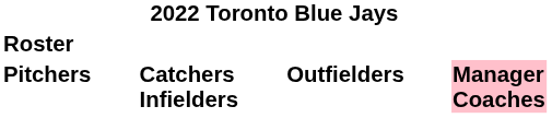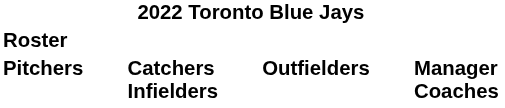 <table class="toccolours" style="font-size: 95%;">
 <tr http://upload.wikimedia.org/wikipedia/en/c/c8/Button_redirect.png>
 <th colspan="10">2022 Toronto Blue Jays</th>
 </tr>
 <tr>
 <td colspan="10"><strong>Roster</strong></td>
 </tr>
 <tr>
 <td valign="top"><strong>Pitchers</strong><br>                              </td>
 <td style="width:25px;"></td>
 <td valign="top"><strong>Catchers</strong><br>     <strong>Infielders</strong>        </td>
 <td style="width:25px;"></td>
 <td valign="top"><strong>Outfielders</strong><br>      </td>
 <td style="width:25px;"></td>
-<td valign="top" style="background: pink;"><strong>Manager</strong><br>  <strong>Coaches</strong>                            </td>
+<td valign="top"><strong>Manager</strong><br>  <strong>Coaches</strong>                            </td>
 </tr>
 </table>
